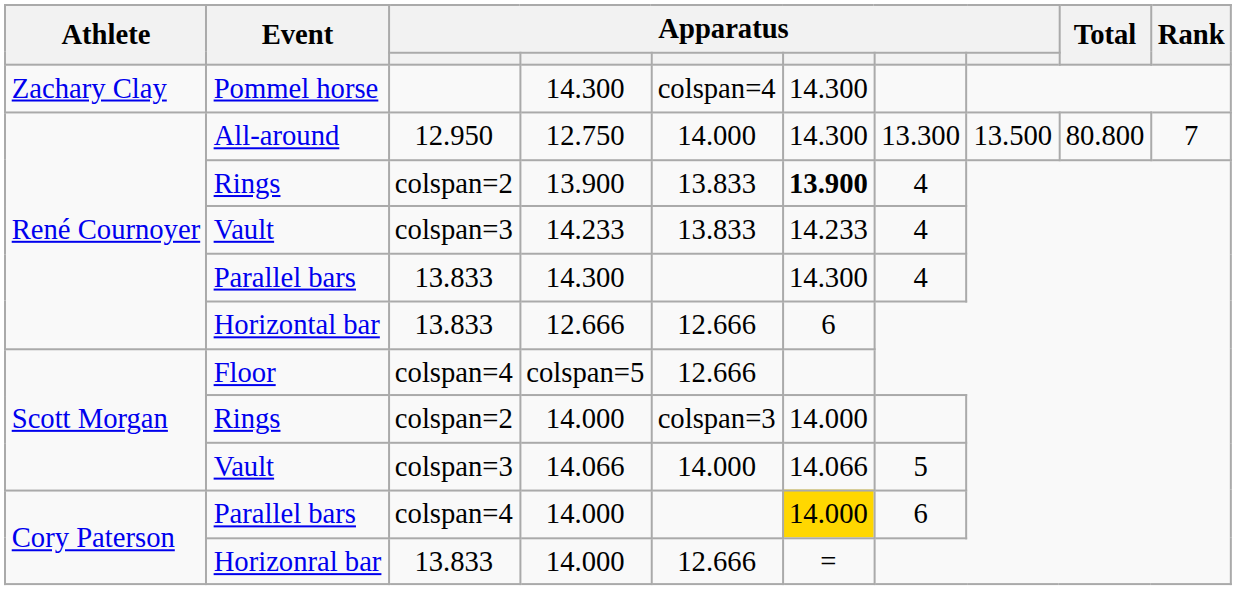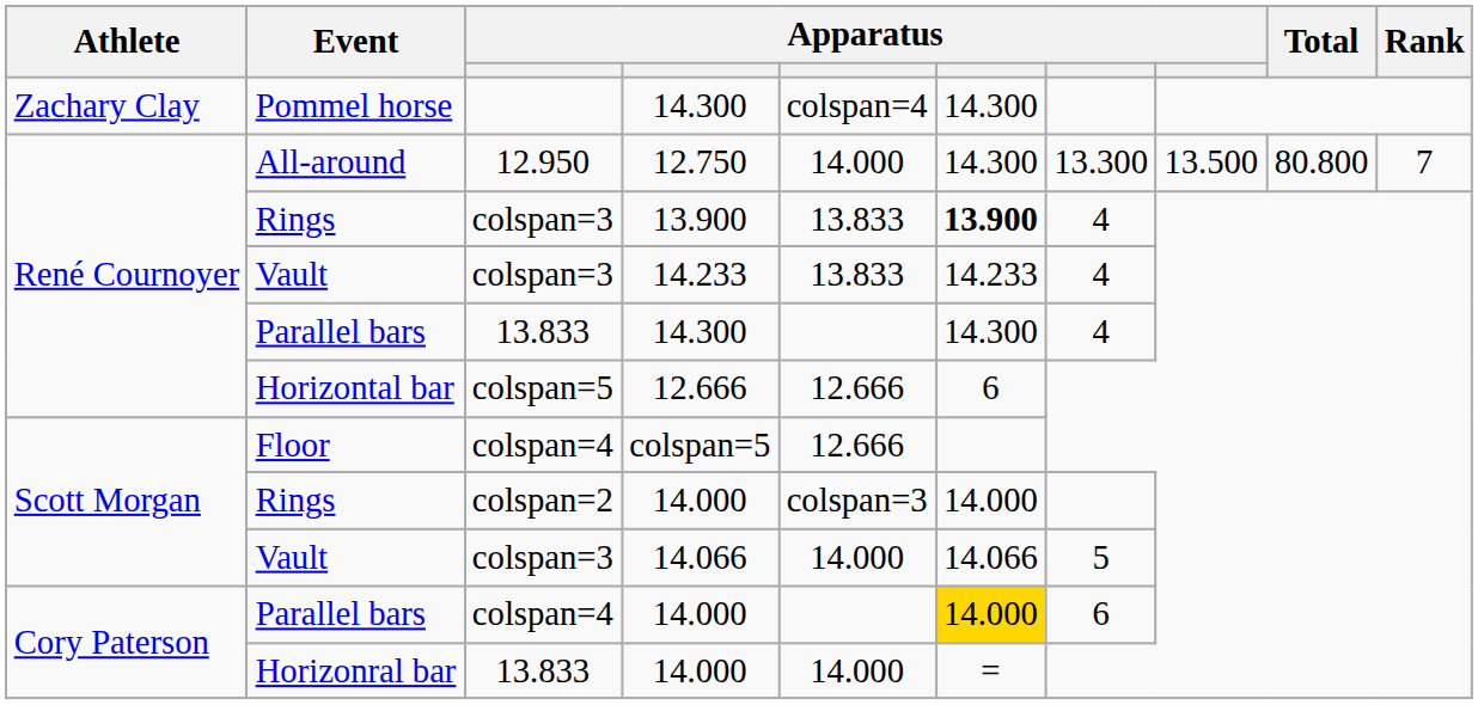 <table class="wikitable" style="font-size:90%">
 <tr>
 <th rowspan=2>Athlete</th>
 <th rowspan=2>Event</th>
 <th colspan=6>Apparatus</th>
 <th rowspan=2>Total</th>
 <th rowspan=2>Rank</th>
 </tr>
 <tr style="font-size:95%">
 <th></th>
 <th></th>
 <th></th>
 <th></th>
 <th></th>
 <th></th>
 </tr>
 <tr align=center>
 <td align=left><a href='#'>Zachary Clay</a></td>
 <td align=left><a href='#'>Pommel horse</a></td>
 <td></td>
 <td>14.300</td>
 <td>colspan=4 </td>
 <td>14.300</td>
 <td></td>
 </tr>
 <tr align=center>
 <td align=left rowspan=5><a href='#'>René Cournoyer</a></td>
 <td align=left><a href='#'>All-around</a></td>
 <td>12.950</td>
 <td>12.750</td>
 <td>14.000</td>
 <td>14.300</td>
 <td>13.300</td>
 <td>13.500</td>
 <td>80.800</td>
 <td>7</td>
 </tr>
 <tr align=center>
 <td align=left><a href='#'>Rings</a></td>
-<td>colspan=2 </td>
+<td>colspan=3 </td>
 <td>13.900</td>
 <td>13.833</td>
 <td><strong>13.900</strong></td>
 <td>4</td>
 </tr>
 <tr align=center>
 <td align=left><a href='#'>Vault</a></td>
 <td>colspan=3 </td>
 <td>14.233</td>
 <td>13.833</td>
 <td>14.233</td>
 <td>4</td>
 </tr>
 <tr align=center>
 <td align=left><a href='#'>Parallel bars</a></td>
 <td>13.833</td>
 <td>14.300</td>
 <td></td>
 <td>14.300</td>
 <td>4</td>
 </tr>
 <tr align=center>
 <td align=left><a href='#'>Horizontal bar</a></td>
-<td>13.833</td>
+<td>colspan=5 </td>
 <td>12.666</td>
 <td>12.666</td>
 <td>6</td>
 </tr>
 <tr align=center>
 <td align=left rowspan=3><a href='#'>Scott Morgan</a></td>
 <td align=left><a href='#'>Floor</a></td>
 <td>colspan=4 </td>
 <td>colspan=5 </td>
 <td>12.666</td>
 <td></td>
 </tr>
 <tr align=center>
 <td align=left><a href='#'>Rings</a></td>
 <td>colspan=2 </td>
 <td>14.000</td>
 <td>colspan=3 </td>
 <td>14.000</td>
 <td></td>
 </tr>
 <tr align=center>
 <td align=left><a href='#'>Vault</a></td>
 <td>colspan=3 </td>
 <td>14.066</td>
 <td>14.000</td>
 <td>14.066</td>
 <td>5</td>
 </tr>
 <tr align=center>
 <td align=left rowspan=2><a href='#'>Cory Paterson</a></td>
 <td align=left><a href='#'>Parallel bars</a></td>
 <td>colspan=4 </td>
 <td>14.000</td>
 <td></td>
 <td style="background: gold;">14.000</td>
 <td>6</td>
 </tr>
 <tr align=center>
 <td align=left><a href='#'>Horizonral bar</a></td>
 <td>13.833</td>
 <td>14.000</td>
-<td>12.666</td>
+<td>14.000</td>
 <td>=</td>
 </tr>
 </table>
